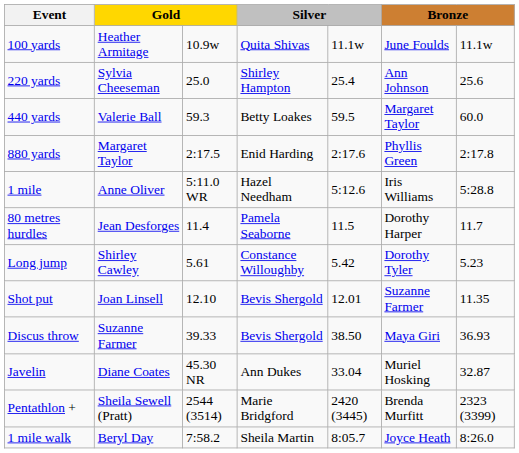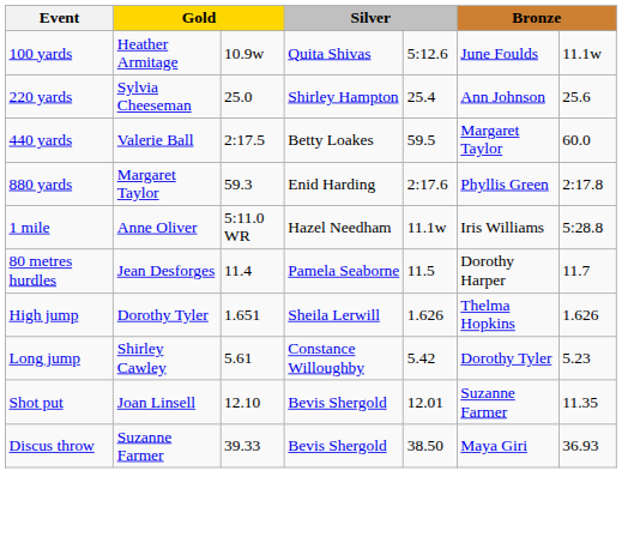 <table class="wikitable" style="text-align:left">
 <tr>
 <th width=100>Event</th>
 <th colspan="2" width="280" style="background:gold;">Gold</th>
 <th colspan="2" width="280" style="background:silver;">Silver</th>
 <th colspan="2" width="280" style="background:#CD7F32;">Bronze</th>
 </tr>
 <tr>
 <td><a href='#'>100 yards</a></td>
 <td><a href='#'>Heather Armitage</a></td>
 <td>10.9w</td>
 <td> <a href='#'>Quita Shivas</a></td>
-<td>11.1w</td>
+<td>5:12.6</td>
 <td><a href='#'>June Foulds</a></td>
 <td>11.1w</td>
 </tr>
 <tr>
 <td><a href='#'>220 yards</a></td>
 <td><a href='#'>Sylvia Cheeseman</a></td>
 <td>25.0</td>
 <td><a href='#'>Shirley Hampton</a></td>
 <td>25.4</td>
 <td><a href='#'>Ann Johnson</a></td>
 <td>25.6</td>
 </tr>
 <tr>
 <td><a href='#'>440 yards</a></td>
 <td><a href='#'>Valerie Ball</a></td>
-<td>59.3</td>
+<td>2:17.5</td>
 <td>Betty Loakes</td>
 <td>59.5</td>
 <td><a href='#'>Margaret Taylor</a></td>
 <td>60.0</td>
 </tr>
 <tr>
 <td><a href='#'>880 yards</a></td>
 <td><a href='#'>Margaret Taylor</a></td>
-<td>2:17.5</td>
+<td>59.3</td>
 <td>Enid Harding</td>
 <td>2:17.6</td>
 <td><a href='#'>Phyllis Green</a></td>
 <td>2:17.8</td>
 </tr>
 <tr>
 <td><a href='#'>1 mile</a></td>
 <td><a href='#'>Anne Oliver</a></td>
 <td>5:11.0 WR</td>
 <td>Hazel Needham</td>
-<td>5:12.6</td>
+<td>11.1w</td>
 <td>Iris Williams</td>
 <td>5:28.8</td>
 </tr>
 <tr>
 <td><a href='#'>80 metres hurdles</a></td>
 <td><a href='#'>Jean Desforges</a></td>
 <td>11.4</td>
 <td><a href='#'>Pamela Seaborne</a></td>
 <td>11.5</td>
 <td>Dorothy Harper</td>
 <td>11.7</td>
+</tr>
+<tr>
+<td><a href='#'>High jump</a></td>
+<td><a href='#'>Dorothy Tyler</a></td>
+<td>1.651</td>
+<td><a href='#'>Sheila Lerwill</a></td>
+<td>1.626</td>
+<td><a href='#'>Thelma Hopkins</a></td>
+<td>1.626</td>
 </tr>
 <tr>
 <td><a href='#'>Long jump</a></td>
 <td><a href='#'>Shirley Cawley</a></td>
 <td>5.61</td>
 <td><a href='#'>Constance Willoughby</a></td>
 <td>5.42</td>
 <td><a href='#'>Dorothy Tyler</a></td>
 <td>5.23</td>
 </tr>
 <tr>
 <td><a href='#'>Shot put</a></td>
 <td><a href='#'>Joan Linsell</a></td>
 <td>12.10</td>
 <td><a href='#'>Bevis Shergold</a></td>
 <td>12.01</td>
 <td><a href='#'>Suzanne Farmer</a></td>
 <td>11.35</td>
 </tr>
 <tr>
 <td><a href='#'>Discus throw</a></td>
 <td><a href='#'>Suzanne Farmer</a></td>
 <td>39.33</td>
 <td><a href='#'>Bevis Shergold</a></td>
 <td>38.50</td>
 <td><a href='#'>Maya Giri</a></td>
 <td>36.93</td>
 </tr>
-<tr>
-<td><a href='#'>Javelin</a></td>
-<td><a href='#'>Diane Coates</a></td>
-<td>45.30 NR</td>
-<td>Ann Dukes</td>
-<td>33.04</td>
-<td>Muriel Hosking</td>
-<td>32.87</td>
-</tr>
-<tr>
-<td><a href='#'>Pentathlon</a> +</td>
-<td><a href='#'>Sheila Sewell</a> (Pratt)</td>
-<td>2544 (3514)</td>
-<td>Marie Bridgford</td>
-<td>2420 (3445)</td>
-<td>Brenda Murfitt</td>
-<td>2323 (3399)</td>
-</tr>
-<tr>
-<td><a href='#'>1 mile walk</a></td>
-<td><a href='#'>Beryl Day</a></td>
-<td>7:58.2</td>
-<td>Sheila Martin</td>
-<td>8:05.7</td>
-<td><a href='#'>Joyce Heath</a></td>
-<td>8:26.0</td>
-</tr>
 </table>
